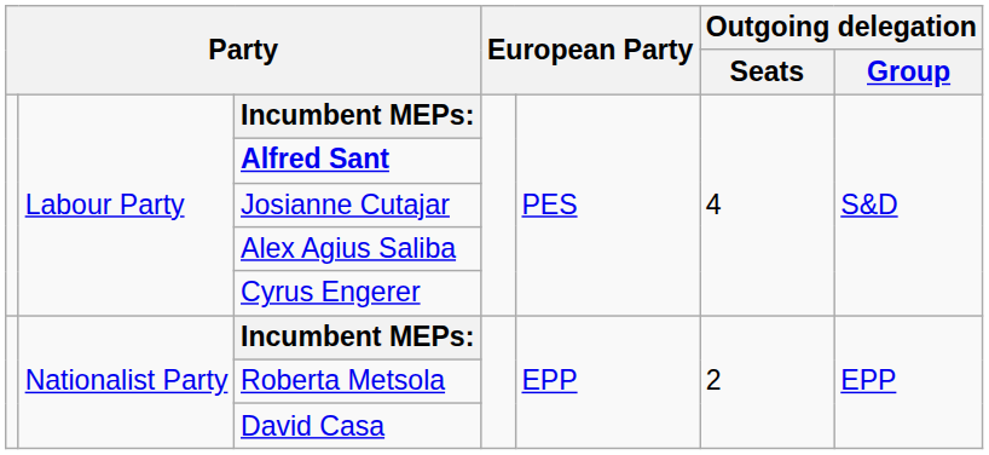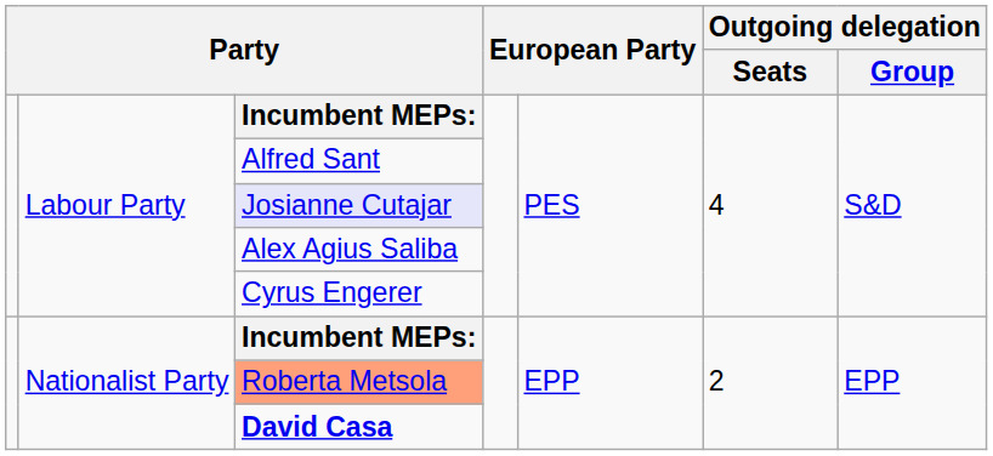 <table class="wikitable">
 <tr>
 <th colspan="3" rowspan="2">Party</th>
 <th colspan="2" rowspan="2">European Party</th>
 <th colspan="2">Outgoing delegation</th>
 </tr>
 <tr>
 <th>Seats</th>
 <th><a href='#'>Group</a></th>
 </tr>
 <tr>
 <td rowspan="5" style="background:"></td>
 <td rowspan="5"><a href='#'>Labour Party</a></td>
 <th>Incumbent MEPs:</th>
 <td rowspan="5" style="background:"></td>
 <td rowspan="5"><a href='#'>PES</a></td>
 <td rowspan="5">4</td>
 <td rowspan="5"><a href='#'>S&D</a></td>
 </tr>
 <tr>
-<td><strong><a href='#'>Alfred Sant</a></strong></td>
+<td><a href='#'>Alfred Sant</a></td>
 </tr>
 <tr>
-<td><a href='#'>Josianne Cutajar</a></td>
+<td style="background: lavender;"><a href='#'>Josianne Cutajar</a></td>
 </tr>
 <tr>
 <td><a href='#'>Alex Agius Saliba</a></td>
 </tr>
 <tr>
 <td><a href='#'>Cyrus Engerer</a></td>
 </tr>
 <tr>
 <td rowspan="3" style="background:"></td>
 <td rowspan="3"> <a href='#'>Nationalist Party</a></td>
 <th>Incumbent MEPs:</th>
 <td rowspan="3" style="background:"></td>
 <td rowspan="3"><a href='#'>EPP</a></td>
 <td rowspan="3">2</td>
 <td rowspan="3"><a href='#'>EPP</a></td>
 </tr>
 <tr>
-<td><a href='#'>Roberta Metsola</a></td>
+<td style="background: lightsalmon;"><a href='#'>Roberta Metsola</a></td>
 </tr>
 <tr>
-<td><a href='#'>David Casa</a></td>
+<td><strong><a href='#'>David Casa</a></strong></td>
 </tr>
 </table>
